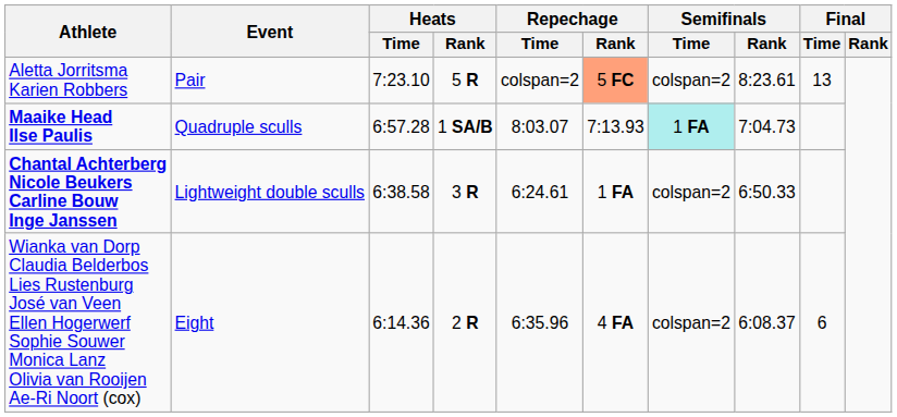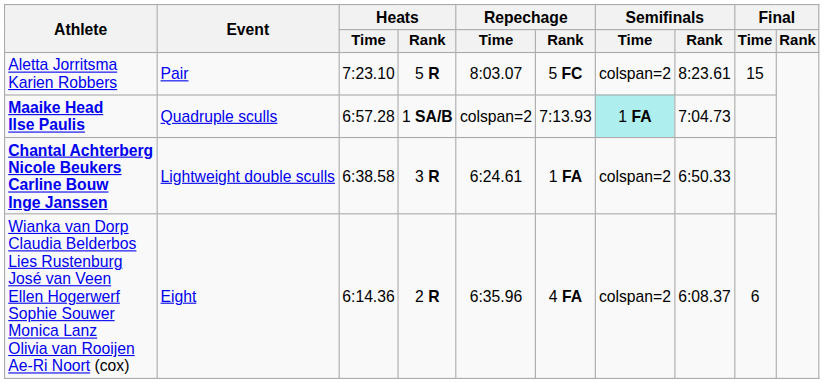 <table class="wikitable" style="font-size:90%">
 <tr>
 <th rowspan="2">Athlete</th>
 <th rowspan="2">Event</th>
 <th colspan="2">Heats</th>
 <th colspan="2">Repechage</th>
 <th colspan="2">Semifinals</th>
 <th colspan="2">Final</th>
 </tr>
 <tr style="font-size:95%">
 <th>Time</th>
 <th>Rank</th>
 <th>Time</th>
 <th>Rank</th>
 <th>Time</th>
 <th>Rank</th>
 <th>Time</th>
 <th>Rank</th>
 </tr>
 <tr align=center>
 <td align=left><a href='#'>Aletta Jorritsma</a><br><a href='#'>Karien Robbers</a></td>
 <td align=left><a href='#'>Pair</a></td>
 <td>7:23.10</td>
 <td>5 <strong>R</strong></td>
-<td>colspan=2 </td>
-<td style="background: lightsalmon;">5 <strong>FC</strong></td>
+<td>8:03.07</td>
+<td>5 <strong>FC</strong></td>
 <td>colspan=2 </td>
 <td>8:23.61</td>
-<td>13</td>
+<td>15</td>
 </tr>
 <tr align=center>
 <td align=left><strong><a href='#'>Maaike Head</a><br><a href='#'>Ilse Paulis</a></strong></td>
 <td align=left><a href='#'>Quadruple sculls</a></td>
 <td>6:57.28</td>
 <td>1 <strong>SA/B</strong></td>
-<td>8:03.07</td>
+<td>colspan=2 </td>
 <td>7:13.93</td>
 <td style="background: paleturquoise;">1 <strong>FA</strong></td>
 <td>7:04.73</td>
 <td></td>
 </tr>
 <tr align=center>
 <td align=left><strong><a href='#'>Chantal Achterberg</a><br><a href='#'>Nicole Beukers</a><br><a href='#'>Carline Bouw</a><br><a href='#'>Inge Janssen</a></strong></td>
 <td align=left><a href='#'>Lightweight double sculls</a></td>
 <td>6:38.58</td>
 <td>3 <strong>R</strong></td>
 <td>6:24.61</td>
 <td>1 <strong>FA</strong></td>
 <td>colspan=2 </td>
 <td>6:50.33</td>
 <td></td>
 </tr>
 <tr align=center>
 <td align=left><a href='#'>Wianka van Dorp</a><br><a href='#'>Claudia Belderbos</a><br><a href='#'>Lies Rustenburg</a><br><a href='#'>José van Veen</a><br><a href='#'>Ellen Hogerwerf</a><br><a href='#'>Sophie Souwer</a><br><a href='#'>Monica Lanz</a><br><a href='#'>Olivia van Rooijen</a><br><a href='#'>Ae-Ri Noort</a> (cox)</td>
 <td align=left><a href='#'>Eight</a></td>
 <td>6:14.36</td>
 <td>2 <strong>R</strong></td>
 <td>6:35.96</td>
 <td>4 <strong>FA</strong></td>
 <td>colspan=2 </td>
 <td>6:08.37</td>
 <td>6</td>
 </tr>
 </table>
